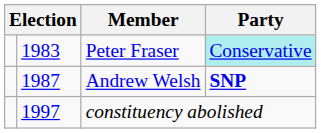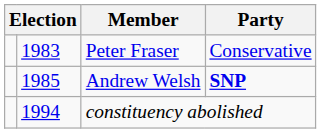 <table class="wikitable">
 <tr>
 <th colspan="2">Election</th>
 <th>Member</th>
 <th>Party</th>
 </tr>
 <tr>
 <td style="color:inherit;background-color: "></td>
 <td><a href='#'>1983</a></td>
 <td><a href='#'>Peter Fraser</a></td>
-<td style="background: paleturquoise;"><a href='#'>Conservative</a></td>
+<td><a href='#'>Conservative</a></td>
 </tr>
 <tr>
 <td style="color:inherit;background-color: "></td>
-<td><a href='#'>1987</a></td>
+<td><a href='#'>1985</a></td>
 <td><a href='#'>Andrew Welsh</a></td>
 <td><strong><a href='#'>SNP</a></strong></td>
 </tr>
 <tr>
 <td></td>
-<td><a href='#'>1997</a></td>
+<td><a href='#'>1994</a></td>
 <td colspan="3"><em>constituency abolished</em></td>
 </tr>
 </table>
